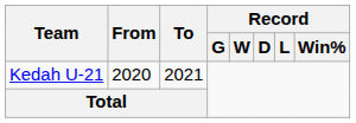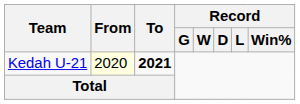 <table class="wikitable" style="text-align: center">
 <tr>
 <th rowspan=2>Team</th>
 <th rowspan=2>From</th>
 <th rowspan=2>To</th>
 <th colspan=5>Record</th>
 </tr>
 <tr>
 <th>G</th>
 <th>W</th>
 <th>D</th>
 <th>L</th>
 <th>Win%</th>
 </tr>
 <tr>
 <td align="left"><a href='#'>Kedah U-21</a></td>
-<td align="left">2020</td>
-<td align="left">2021<br></td>
+<td align="left" style="background: lightyellow;">2020</td>
+<td align="left"><strong>2021<br></strong></td>
 </tr>
 <tr>
 <th colspan="3">Total<br></th>
 </tr>
 </table>
